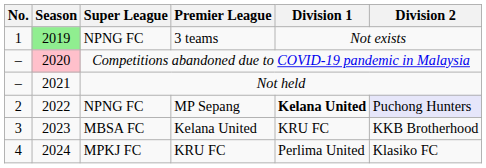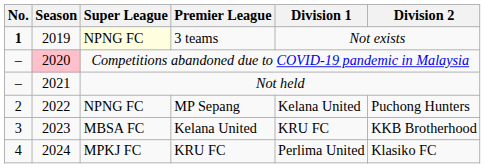 <table class="wikitable">
 <tr>
 <th>No.</th>
 <th>Season</th>
 <th>Super League</th>
 <th>Premier League</th>
 <th>Division 1</th>
 <th>Division 2</th>
 </tr>
 <tr>
-<td align='center'>1</td>
-<td align='center' style="background: lightgreen;">2019</td>
-<td>NPNG FC</td>
+<td align='center'><strong>1</strong></td>
+<td align='center'>2019</td>
+<td style="background: lightyellow;">NPNG FC</td>
 <td>3 teams</td>
 <td colspan="2" align='center'><em>Not exists</em></td>
 </tr>
 <tr>
 <td align='center'>–</td>
 <td align='center' style="background: pink;">2020</td>
 <td colspan="4" align='center'><em>Competitions abandoned due to <a href='#'>COVID-19 pandemic in Malaysia</a></em></td>
 </tr>
 <tr>
 <td align='center'>–</td>
 <td align='center'>2021</td>
 <td colspan="4" align='center'><em>Not held</em></td>
 </tr>
 <tr>
 <td align='center'>2</td>
 <td align='center'>2022</td>
 <td>NPNG FC</td>
 <td>MP Sepang</td>
-<td><strong>Kelana United</strong></td>
-<td style="background: lavender;">Puchong Hunters</td>
+<td>Kelana United</td>
+<td>Puchong Hunters</td>
 </tr>
 <tr>
 <td align='center'>3</td>
 <td align='center'>2023</td>
 <td>MBSA FC</td>
 <td>Kelana United</td>
 <td>KRU FC</td>
 <td>KKB Brotherhood</td>
 </tr>
 <tr>
 <td align='center'>4</td>
 <td align='center'>2024</td>
 <td>MPKJ FC</td>
 <td>KRU FC</td>
 <td>Perlima United</td>
 <td>Klasiko FC</td>
 </tr>
 </table>
